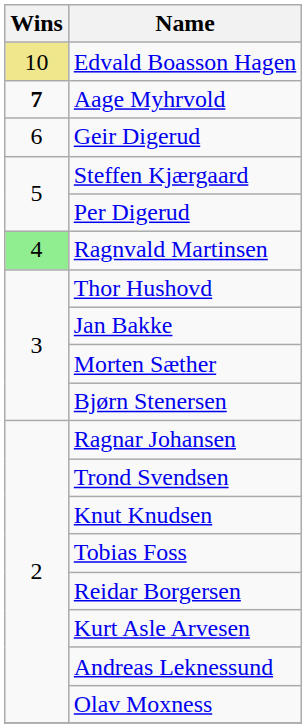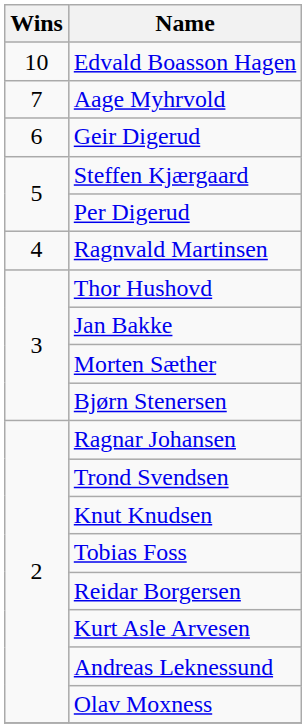 <table class="wikitable">
 <tr>
 <th>Wins</th>
 <th>Name</th>
 </tr>
 <tr>
-<td align=center style="background: khaki;">10</td>
+<td align=center>10</td>
 <td><a href='#'>Edvald Boasson Hagen</a></td>
 </tr>
 <tr>
-<td align=center><strong>7</strong></td>
+<td align=center>7</td>
 <td><a href='#'>Aage Myhrvold</a></td>
 </tr>
 <tr>
 <td align=center>6</td>
 <td><a href='#'>Geir Digerud</a></td>
 </tr>
 <tr>
 <td align=center rowspan=2>5</td>
 <td><a href='#'>Steffen Kjærgaard</a></td>
 </tr>
 <tr>
 <td><a href='#'>Per Digerud</a></td>
 </tr>
 <tr>
-<td align=center style="background: lightgreen;">4</td>
+<td align=center>4</td>
 <td><a href='#'>Ragnvald Martinsen</a></td>
 </tr>
 <tr>
 <td align=center rowspan=4>3</td>
 <td><a href='#'>Thor Hushovd</a></td>
 </tr>
 <tr>
 <td><a href='#'>Jan Bakke</a></td>
 </tr>
 <tr>
 <td><a href='#'>Morten Sæther</a></td>
 </tr>
 <tr>
 <td><a href='#'>Bjørn Stenersen</a></td>
 </tr>
 <tr>
 <td align=center rowspan=8>2</td>
 <td><a href='#'>Ragnar Johansen</a></td>
 </tr>
 <tr>
 <td><a href='#'>Trond Svendsen</a></td>
 </tr>
 <tr>
 <td><a href='#'>Knut Knudsen</a></td>
 </tr>
 <tr>
 <td><a href='#'>Tobias Foss</a></td>
 </tr>
 <tr>
 <td><a href='#'>Reidar Borgersen</a></td>
 </tr>
 <tr>
 <td><a href='#'>Kurt Asle Arvesen</a></td>
 </tr>
 <tr>
 <td><a href='#'>Andreas Leknessund</a></td>
 </tr>
 <tr>
 <td><a href='#'>Olav Moxness</a></td>
 </tr>
 <tr>
 </tr>
 </table>
